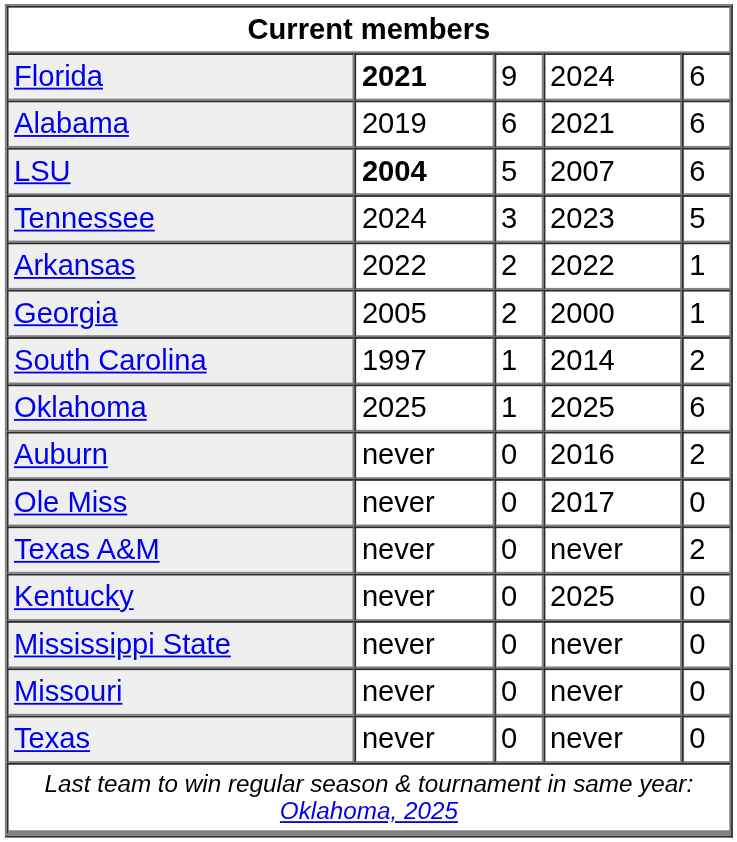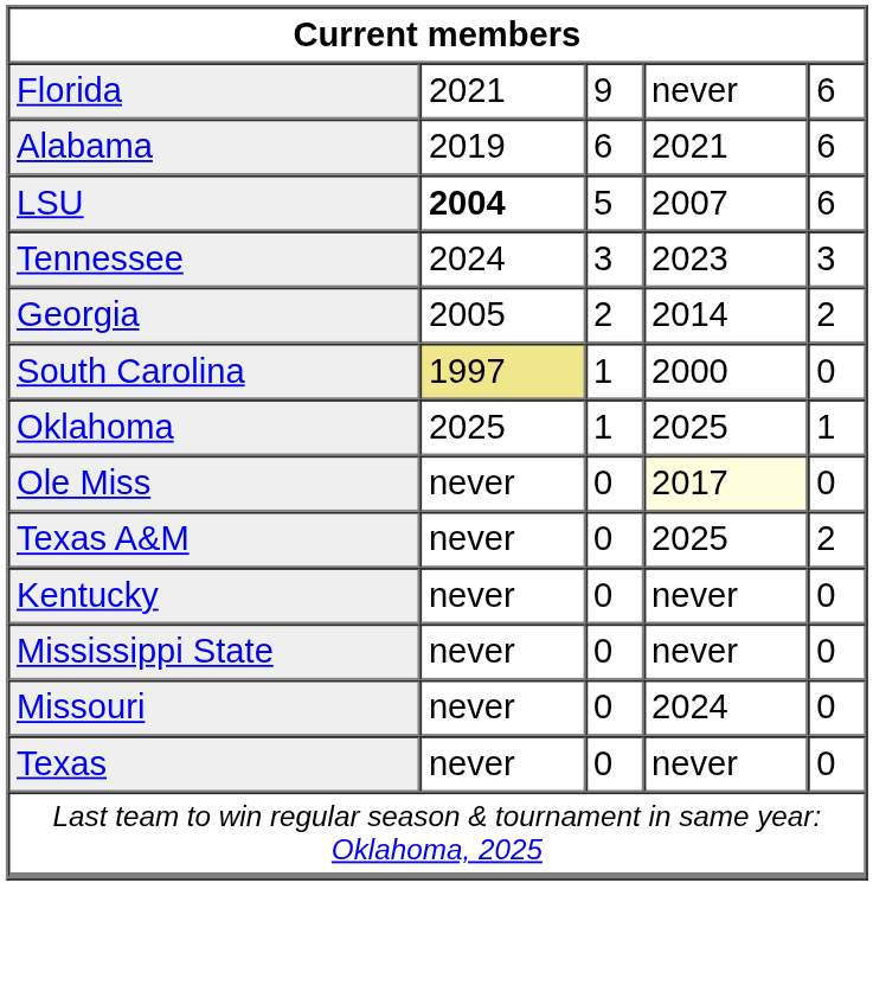 <table class="sortable" border="1" cellpadding="3" cellspacing="0" align="right" width="400px">
 <tr>
 </tr>
 <tr>
 <td colspan=5 align="center"><strong>Current members</strong></td>
 </tr>
 <tr>
 <td bgcolor="#efefef"><a href='#'>Florida</a></td>
-<td><strong>2021</strong></td>
+<td>2021</td>
 <td>9</td>
-<td>2024</td>
+<td>never</td>
 <td>6</td>
 </tr>
 <tr>
 <td bgcolor="#efefef"><a href='#'>Alabama</a></td>
 <td>2019</td>
 <td>6</td>
 <td>2021</td>
 <td>6</td>
 </tr>
 <tr>
 <td bgcolor="#efefef"><a href='#'>LSU</a></td>
 <td><strong>2004</strong></td>
 <td>5</td>
 <td>2007</td>
 <td>6</td>
 </tr>
 <tr>
 <td bgcolor="#efefef"><a href='#'>Tennessee</a></td>
 <td>2024</td>
 <td>3</td>
 <td>2023</td>
-<td>5</td>
-</tr>
-<tr>
-<td bgcolor=#efefef><a href='#'>Arkansas</a></td>
-<td>2022</td>
-<td>2</td>
-<td>2022</td>
-<td>1</td>
+<td>3</td>
 </tr>
 <tr>
 <td bgcolor="#efefef"><a href='#'>Georgia</a></td>
 <td>2005</td>
 <td>2</td>
-<td>2000</td>
-<td>1</td>
+<td>2014</td>
+<td>2</td>
 </tr>
 <tr>
 <td bgcolor="#efefef"><a href='#'>South Carolina</a></td>
-<td>1997</td>
+<td style="background: khaki;">1997</td>
 <td>1</td>
-<td>2014</td>
-<td>2</td>
+<td>2000</td>
+<td>0</td>
 </tr>
 <tr>
 <td bgcolor="#efefef"><a href='#'>Oklahoma</a></td>
 <td>2025</td>
 <td>1</td>
 <td>2025</td>
-<td>6</td>
-</tr>
-<tr>
-<td bgcolor="#efefef"><a href='#'>Auburn</a></td>
-<td>never</td>
-<td>0</td>
-<td>2016</td>
-<td>2</td>
+<td>1</td>
 </tr>
 <tr>
 <td bgcolor="#efefef"><a href='#'>Ole Miss</a></td>
 <td>never</td>
 <td>0</td>
-<td>2017</td>
+<td style="background: lightyellow;">2017</td>
 <td>0</td>
 </tr>
 <tr>
 <td bgcolor="#efefef"><a href='#'>Texas A&M</a></td>
 <td>never</td>
 <td>0</td>
-<td>never</td>
+<td>2025</td>
 <td>2</td>
 </tr>
 <tr>
 <td bgcolor="#efefef"><a href='#'>Kentucky</a></td>
 <td>never</td>
 <td>0</td>
-<td>2025</td>
+<td>never</td>
 <td>0</td>
 </tr>
 <tr>
 <td bgcolor="#efefef"><a href='#'>Mississippi State</a></td>
 <td>never</td>
 <td>0</td>
 <td>never</td>
 <td>0</td>
 </tr>
 <tr>
 <td bgcolor="#efefef"><a href='#'>Missouri</a></td>
 <td>never</td>
 <td>0</td>
-<td>never</td>
+<td>2024</td>
 <td>0</td>
 </tr>
 <tr>
 <td bgcolor="#efefef"><a href='#'>Texas</a></td>
 <td>never</td>
 <td>0</td>
 <td>never</td>
 <td>0</td>
 </tr>
 <tr>
 <td align="center" colspan=5 style="border-bottom:3px solid gray; font-size:smaller"><em>Last team to win regular season & tournament in same year: <a href='#'>Oklahoma, 2025</a></em></td>
 </tr>
 </table>
